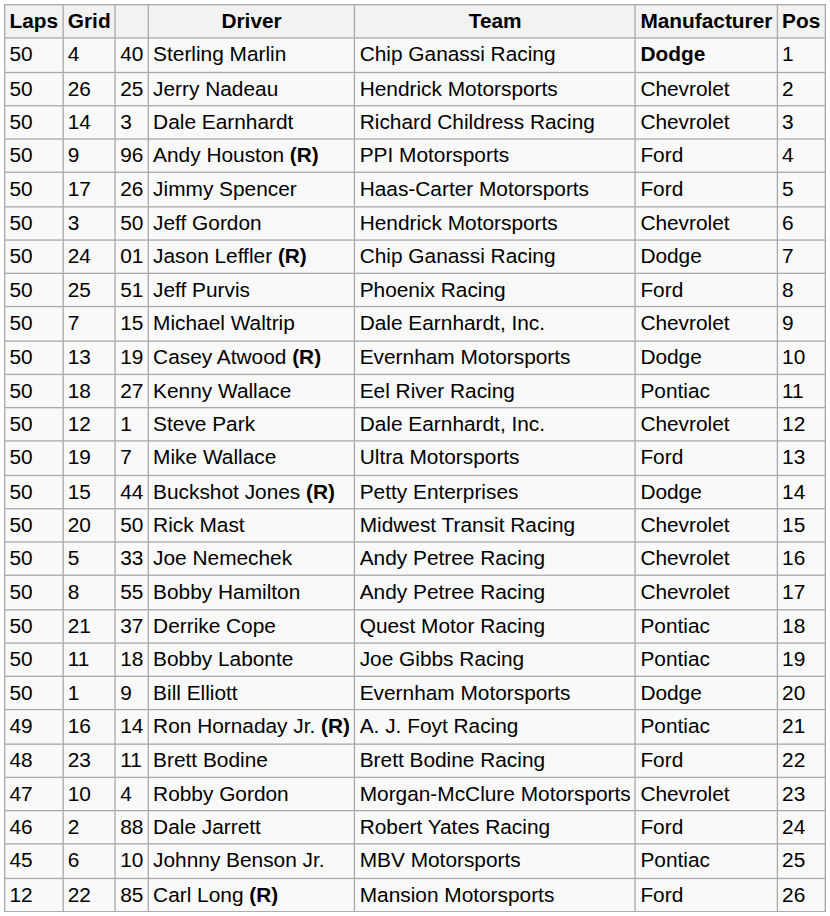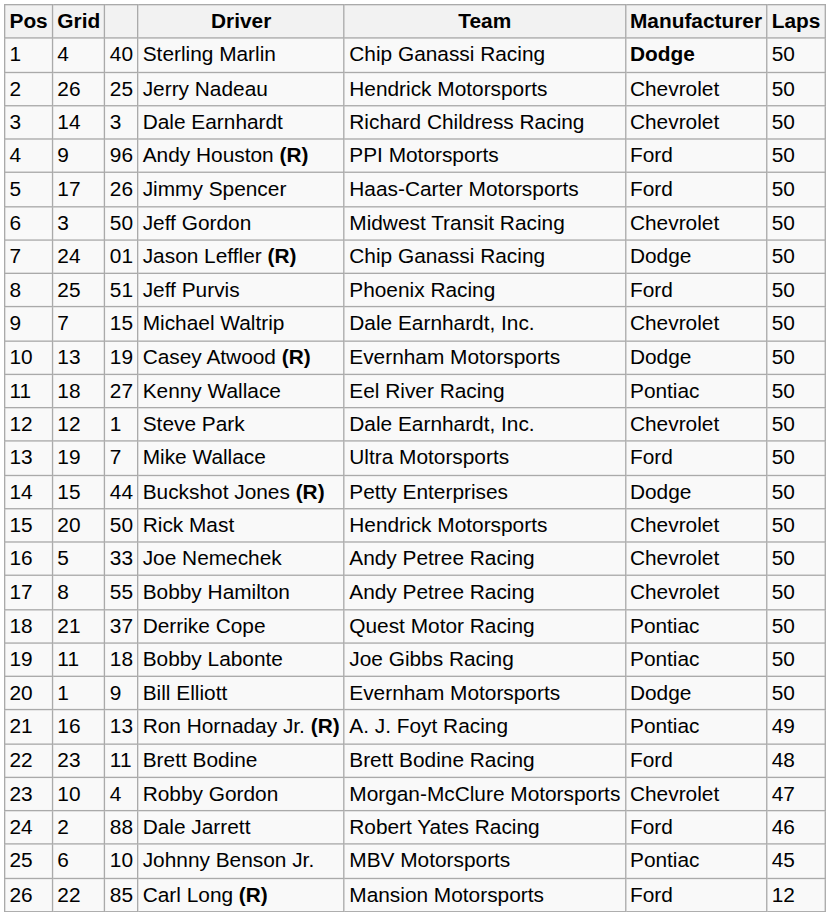 <table class="wikitable" style="font-size:98%">
 <tr>
-<th>Laps</th>
+<th>Pos</th>
 <th>Grid</th>
 <th></th>
 <th>Driver</th>
 <th>Team</th>
 <th>Manufacturer</th>
-<th>Pos</th>
+<th>Laps</th>
 </tr>
 <tr>
-<td>50</td>
+<td>1</td>
 <td>4</td>
 <td>40</td>
 <td>Sterling Marlin</td>
 <td>Chip Ganassi Racing</td>
 <td><strong>Dodge</strong></td>
-<td>1</td>
+<td>50</td>
 </tr>
 <tr>
-<td>50</td>
+<td>2</td>
 <td>26</td>
 <td>25</td>
 <td>Jerry Nadeau</td>
 <td>Hendrick Motorsports</td>
 <td>Chevrolet</td>
-<td>2</td>
+<td>50</td>
 </tr>
 <tr>
-<td>50</td>
+<td>3</td>
 <td>14</td>
 <td>3</td>
 <td>Dale Earnhardt</td>
 <td>Richard Childress Racing</td>
 <td>Chevrolet</td>
-<td>3</td>
+<td>50</td>
 </tr>
 <tr>
-<td>50</td>
+<td>4</td>
 <td>9</td>
 <td>96</td>
 <td>Andy Houston <strong>(R)</strong></td>
 <td>PPI Motorsports</td>
 <td>Ford</td>
-<td>4</td>
+<td>50</td>
 </tr>
 <tr>
-<td>50</td>
+<td>5</td>
 <td>17</td>
 <td>26</td>
 <td>Jimmy Spencer</td>
 <td>Haas-Carter Motorsports</td>
 <td>Ford</td>
-<td>5</td>
+<td>50</td>
 </tr>
 <tr>
-<td>50</td>
+<td>6</td>
 <td>3</td>
 <td>50</td>
 <td>Jeff Gordon</td>
-<td>Hendrick Motorsports</td>
+<td>Midwest Transit Racing</td>
 <td>Chevrolet</td>
-<td>6</td>
+<td>50</td>
 </tr>
 <tr>
-<td>50</td>
+<td>7</td>
 <td>24</td>
 <td>01</td>
 <td>Jason Leffler <strong>(R)</strong></td>
 <td>Chip Ganassi Racing</td>
 <td>Dodge</td>
-<td>7</td>
+<td>50</td>
 </tr>
 <tr>
-<td>50</td>
+<td>8</td>
 <td>25</td>
 <td>51</td>
 <td>Jeff Purvis</td>
 <td>Phoenix Racing</td>
 <td>Ford</td>
-<td>8</td>
+<td>50</td>
 </tr>
 <tr>
-<td>50</td>
+<td>9</td>
 <td>7</td>
 <td>15</td>
 <td>Michael Waltrip</td>
 <td>Dale Earnhardt, Inc.</td>
 <td>Chevrolet</td>
-<td>9</td>
+<td>50</td>
 </tr>
 <tr>
-<td>50</td>
+<td>10</td>
 <td>13</td>
 <td>19</td>
 <td>Casey Atwood <strong>(R)</strong></td>
 <td>Evernham Motorsports</td>
 <td>Dodge</td>
-<td>10</td>
+<td>50</td>
 </tr>
 <tr>
-<td>50</td>
+<td>11</td>
 <td>18</td>
 <td>27</td>
 <td>Kenny Wallace</td>
 <td>Eel River Racing</td>
 <td>Pontiac</td>
-<td>11</td>
+<td>50</td>
 </tr>
 <tr>
-<td>50</td>
+<td>12</td>
 <td>12</td>
 <td>1</td>
 <td>Steve Park</td>
 <td>Dale Earnhardt, Inc.</td>
 <td>Chevrolet</td>
-<td>12</td>
+<td>50</td>
 </tr>
 <tr>
-<td>50</td>
+<td>13</td>
 <td>19</td>
 <td>7</td>
 <td>Mike Wallace</td>
 <td>Ultra Motorsports</td>
 <td>Ford</td>
-<td>13</td>
+<td>50</td>
 </tr>
 <tr>
-<td>50</td>
+<td>14</td>
 <td>15</td>
 <td>44</td>
 <td>Buckshot Jones <strong>(R)</strong></td>
 <td>Petty Enterprises</td>
 <td>Dodge</td>
-<td>14</td>
+<td>50</td>
 </tr>
 <tr>
-<td>50</td>
+<td>15</td>
 <td>20</td>
 <td>50</td>
 <td>Rick Mast</td>
-<td>Midwest Transit Racing</td>
+<td>Hendrick Motorsports</td>
 <td>Chevrolet</td>
-<td>15</td>
+<td>50</td>
 </tr>
 <tr>
-<td>50</td>
+<td>16</td>
 <td>5</td>
 <td>33</td>
 <td>Joe Nemechek</td>
 <td>Andy Petree Racing</td>
 <td>Chevrolet</td>
-<td>16</td>
+<td>50</td>
 </tr>
 <tr>
-<td>50</td>
+<td>17</td>
 <td>8</td>
 <td>55</td>
 <td>Bobby Hamilton</td>
 <td>Andy Petree Racing</td>
 <td>Chevrolet</td>
-<td>17</td>
+<td>50</td>
 </tr>
 <tr>
-<td>50</td>
+<td>18</td>
 <td>21</td>
 <td>37</td>
 <td>Derrike Cope</td>
 <td>Quest Motor Racing</td>
 <td>Pontiac</td>
-<td>18</td>
+<td>50</td>
 </tr>
 <tr>
-<td>50</td>
+<td>19</td>
 <td>11</td>
 <td>18</td>
 <td>Bobby Labonte</td>
 <td>Joe Gibbs Racing</td>
 <td>Pontiac</td>
-<td>19</td>
+<td>50</td>
 </tr>
 <tr>
-<td>50</td>
+<td>20</td>
 <td>1</td>
 <td>9</td>
 <td>Bill Elliott</td>
 <td>Evernham Motorsports</td>
 <td>Dodge</td>
-<td>20</td>
+<td>50</td>
 </tr>
 <tr>
-<td>49</td>
+<td>21</td>
 <td>16</td>
-<td>14</td>
+<td>13</td>
 <td>Ron Hornaday Jr. <strong>(R)</strong></td>
 <td>A. J. Foyt Racing</td>
 <td>Pontiac</td>
-<td>21</td>
+<td>49</td>
 </tr>
 <tr>
-<td>48</td>
+<td>22</td>
 <td>23</td>
 <td>11</td>
 <td>Brett Bodine</td>
 <td>Brett Bodine Racing</td>
 <td>Ford</td>
-<td>22</td>
+<td>48</td>
 </tr>
 <tr>
-<td>47</td>
+<td>23</td>
 <td>10</td>
 <td>4</td>
 <td>Robby Gordon</td>
 <td>Morgan-McClure Motorsports</td>
 <td>Chevrolet</td>
-<td>23</td>
+<td>47</td>
 </tr>
 <tr>
-<td>46</td>
+<td>24</td>
 <td>2</td>
 <td>88</td>
 <td>Dale Jarrett</td>
 <td>Robert Yates Racing</td>
 <td>Ford</td>
-<td>24</td>
+<td>46</td>
 </tr>
 <tr>
-<td>45</td>
+<td>25</td>
 <td>6</td>
 <td>10</td>
 <td>Johnny Benson Jr.</td>
 <td>MBV Motorsports</td>
 <td>Pontiac</td>
-<td>25</td>
+<td>45</td>
 </tr>
 <tr>
-<td>12</td>
+<td>26</td>
 <td>22</td>
 <td>85</td>
 <td>Carl Long <strong>(R)</strong></td>
 <td>Mansion Motorsports</td>
 <td>Ford</td>
-<td>26</td>
+<td>12</td>
 </tr>
 </table>
